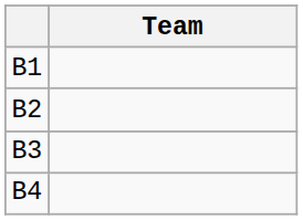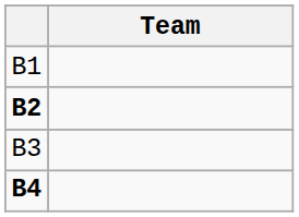 <table class="wikitable" style="display:inline-table;">
 <tr>
 <th></th>
 <th width=120>Team</th>
 </tr>
 <tr>
 <td align=center>B1</td>
 <td></td>
 </tr>
 <tr>
-<td align=center>B2</td>
+<td align=center><strong>B2</strong></td>
 <td></td>
 </tr>
 <tr>
 <td align=center>B3</td>
 <td></td>
 </tr>
 <tr>
-<td align=center>B4</td>
+<td align=center><strong>B4</strong></td>
 <td></td>
 </tr>
 </table>
